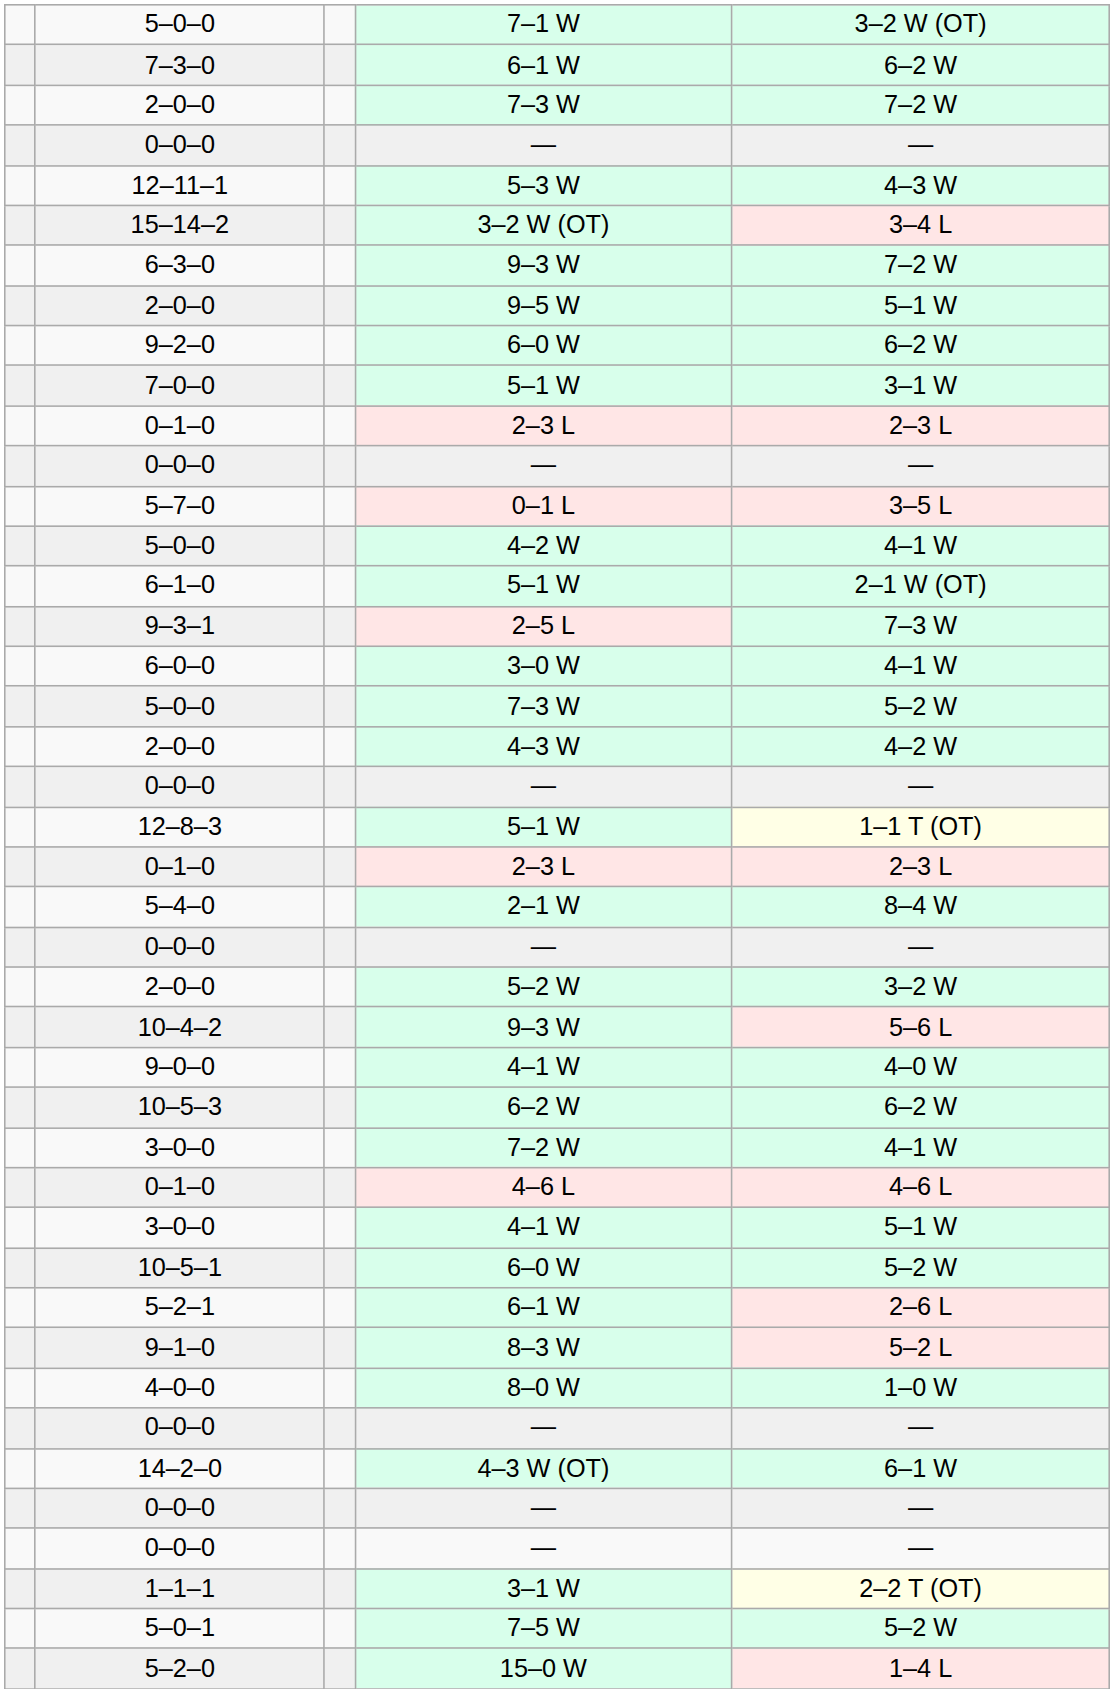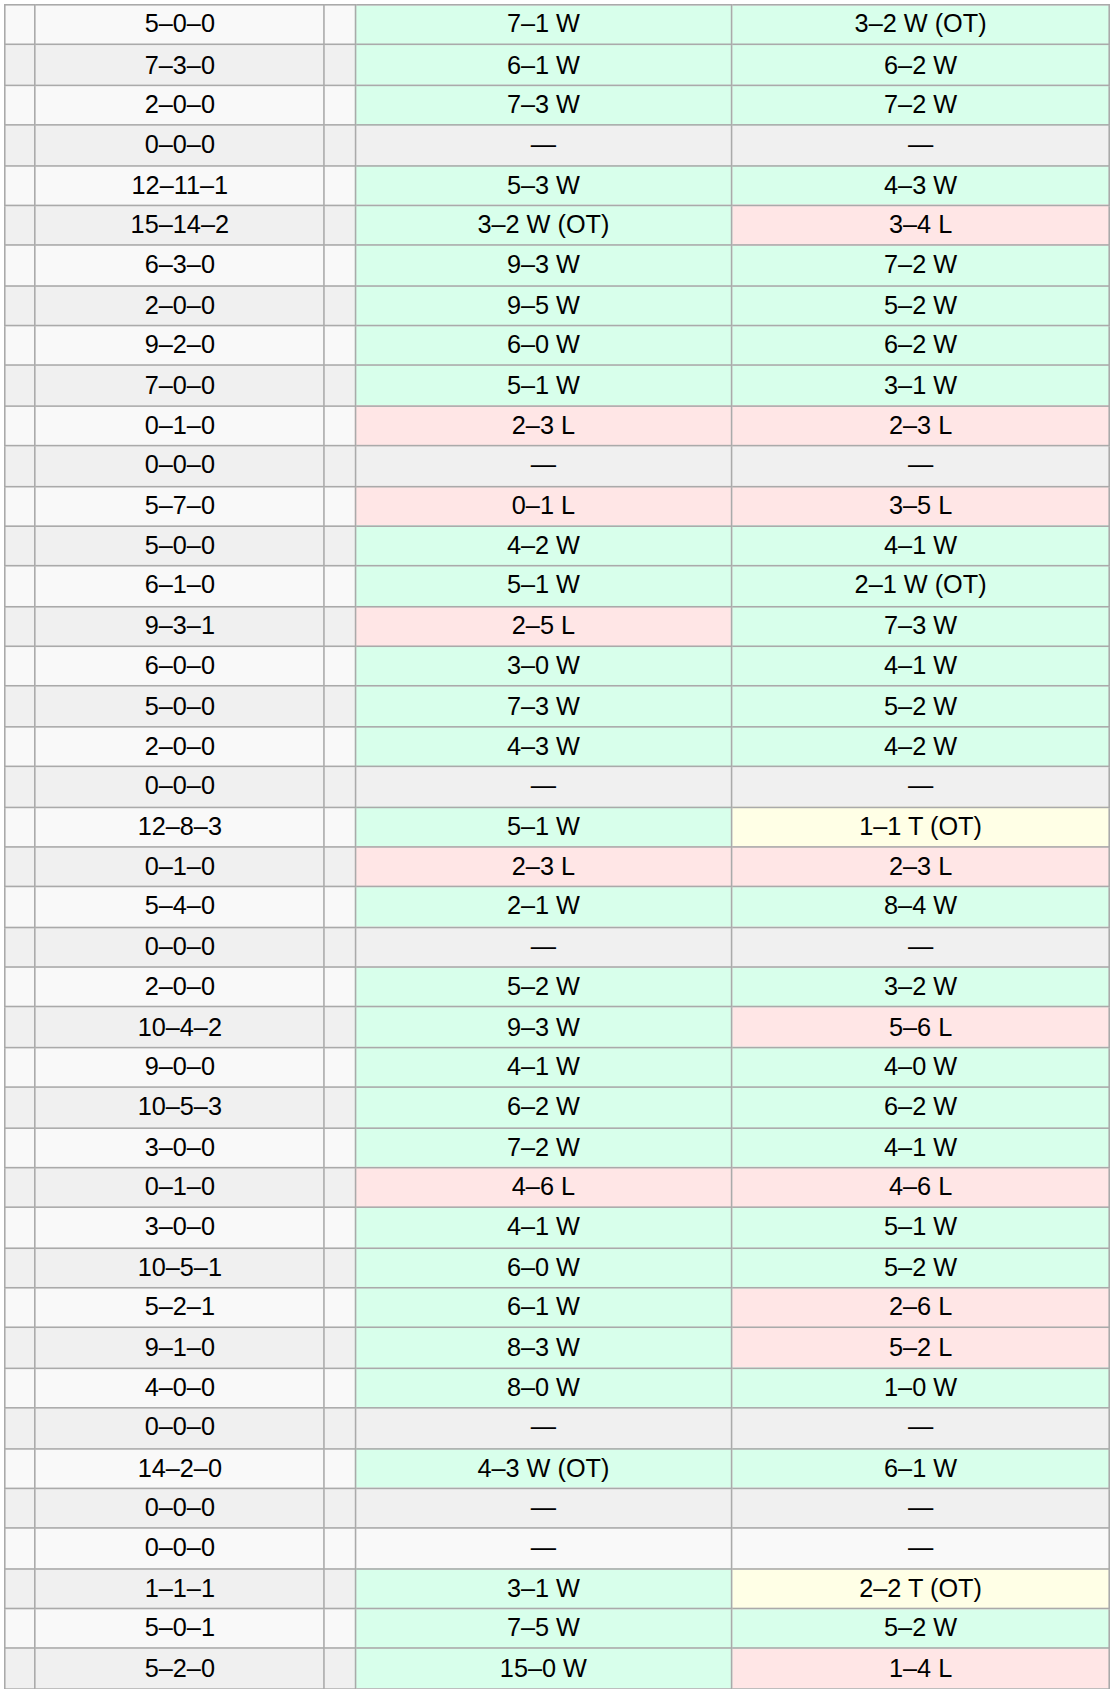 <table class="wikitable" width=700>
 <tr align="center">
 <td><strong><a href='#'></a></strong></td>
 <td>5–0–0</td>
 <td></td>
 <td bgcolor=D8FFEB>7–1 W</td>
 <td bgcolor=D8FFEB>3–2 W (OT)</td>
 </tr>
 <tr align="center" bgcolor="#f0f0f0">
 <td><strong><a href='#'></a></strong></td>
 <td>7–3–0</td>
 <td></td>
 <td bgcolor=D8FFEB>6–1 W</td>
 <td bgcolor=D8FFEB>6–2 W</td>
 </tr>
 <tr align="center">
 <td><strong><a href='#'></a></strong></td>
 <td>2–0–0</td>
 <td></td>
 <td bgcolor=D8FFEB>7–3 W</td>
 <td bgcolor=D8FFEB>7–2 W</td>
 </tr>
 <tr align="center" bgcolor="#f0f0f0">
 <td><strong><a href='#'></a></strong></td>
 <td>0–0–0</td>
 <td></td>
 <td>—</td>
 <td>—</td>
 </tr>
 <tr align="center">
 <td><strong><a href='#'></a></strong></td>
 <td>12–11–1</td>
 <td></td>
 <td bgcolor=D8FFEB>5–3 W</td>
 <td bgcolor=D8FFEB>4–3 W</td>
 </tr>
 <tr align="center" bgcolor="#f0f0f0">
 <td><strong><a href='#'></a></strong></td>
 <td>15–14–2</td>
 <td></td>
 <td bgcolor=D8FFEB>3–2 W (OT)</td>
 <td bgcolor=FFE6E6>3–4 L</td>
 </tr>
 <tr align="center">
 <td><strong><a href='#'></a></strong></td>
 <td>6–3–0</td>
 <td></td>
 <td bgcolor=D8FFEB>9–3 W</td>
 <td bgcolor=D8FFEB>7–2 W</td>
 </tr>
 <tr align="center" bgcolor="#f0f0f0">
 <td><strong><a href='#'></a></strong></td>
 <td>2–0–0</td>
 <td></td>
 <td bgcolor=D8FFEB>9–5 W</td>
-<td bgcolor=D8FFEB>5–1 W</td>
+<td bgcolor=D8FFEB>5–2 W</td>
 </tr>
 <tr align="center">
 <td><strong><a href='#'></a></strong></td>
 <td>9–2–0</td>
 <td></td>
 <td bgcolor=D8FFEB>6–0 W</td>
 <td bgcolor=D8FFEB>6–2 W</td>
 </tr>
 <tr align="center" bgcolor="#f0f0f0">
 <td><strong><a href='#'></a></strong></td>
 <td>7–0–0</td>
 <td></td>
 <td bgcolor=D8FFEB>5–1 W</td>
 <td bgcolor=D8FFEB>3–1 W</td>
 </tr>
 <tr align="center">
 <td><strong><a href='#'></a></strong></td>
 <td>0–1–0</td>
 <td></td>
 <td bgcolor=FFE6E6>2–3 L</td>
 <td bgcolor=FFE6E6>2–3 L</td>
 </tr>
 <tr align="center" bgcolor="#f0f0f0">
 <td><strong><a href='#'></a></strong></td>
 <td>0–0–0</td>
 <td></td>
 <td>—</td>
 <td>—</td>
 </tr>
 <tr align="center">
 <td><strong><a href='#'></a></strong></td>
 <td>5–7–0</td>
 <td></td>
 <td bgcolor=FFE6E6>0–1 L</td>
 <td bgcolor=FFE6E6>3–5 L</td>
 </tr>
 <tr align="center" bgcolor="#f0f0f0">
 <td><strong><a href='#'></a></strong></td>
 <td>5–0–0</td>
 <td></td>
 <td bgcolor=D8FFEB>4–2 W</td>
 <td bgcolor=D8FFEB>4–1 W</td>
 </tr>
 <tr align="center">
 <td><strong><a href='#'></a></strong></td>
 <td>6–1–0</td>
 <td></td>
 <td bgcolor=D8FFEB>5–1 W</td>
 <td bgcolor=D8FFEB>2–1 W (OT)</td>
 </tr>
 <tr align="center" bgcolor="#f0f0f0">
 <td><strong><a href='#'></a></strong></td>
 <td>9–3–1</td>
 <td></td>
 <td bgcolor=FFE6E6>2–5 L</td>
 <td bgcolor=D8FFEB>7–3 W</td>
 </tr>
 <tr align="center">
 <td><strong><a href='#'></a></strong></td>
 <td>6–0–0</td>
 <td></td>
 <td bgcolor=D8FFEB>3–0 W</td>
 <td bgcolor=D8FFEB>4–1 W</td>
 </tr>
 <tr align="center" bgcolor="#f0f0f0">
 <td><strong><a href='#'></a></strong></td>
 <td>5–0–0</td>
 <td></td>
 <td bgcolor=D8FFEB>7–3 W</td>
 <td bgcolor=D8FFEB>5–2 W</td>
 </tr>
 <tr align="center">
 <td><strong><a href='#'></a></strong></td>
 <td>2–0–0</td>
 <td></td>
 <td bgcolor=D8FFEB>4–3 W</td>
 <td bgcolor=D8FFEB>4–2 W</td>
 </tr>
 <tr align="center" bgcolor="#f0f0f0">
 <td><strong><a href='#'></a></strong></td>
 <td>0–0–0</td>
 <td></td>
 <td>—</td>
 <td>—</td>
 </tr>
 <tr align="center">
 <td><strong><a href='#'></a></strong></td>
 <td>12–8–3</td>
 <td></td>
 <td bgcolor=D8FFEB>5–1 W</td>
 <td bgcolor=FFFFE6>1–1 T (OT)</td>
 </tr>
 <tr align="center" bgcolor="#f0f0f0">
 <td><strong><a href='#'></a></strong></td>
 <td>0–1–0</td>
 <td></td>
 <td bgcolor=FFE6E6>2–3 L</td>
 <td bgcolor=FFE6E6>2–3 L</td>
 </tr>
 <tr align="center">
 <td><strong><a href='#'></a></strong></td>
 <td>5–4–0</td>
 <td></td>
 <td bgcolor=D8FFEB>2–1 W</td>
 <td bgcolor=D8FFEB>8–4 W</td>
 </tr>
 <tr align="center" bgcolor="#f0f0f0">
 <td><strong><a href='#'></a></strong></td>
 <td>0–0–0</td>
 <td></td>
 <td>—</td>
 <td>—</td>
 </tr>
 <tr align="center">
 <td><strong><a href='#'></a></strong></td>
 <td>2–0–0</td>
 <td></td>
 <td bgcolor=D8FFEB>5–2 W</td>
 <td bgcolor=D8FFEB>3–2 W</td>
 </tr>
 <tr align="center" bgcolor="#f0f0f0">
 <td><strong><a href='#'></a></strong></td>
 <td>10–4–2</td>
 <td></td>
 <td bgcolor=D8FFEB>9–3 W</td>
 <td bgcolor=FFE6E6>5–6 L</td>
 </tr>
 <tr align="center">
 <td><strong><a href='#'></a></strong></td>
 <td>9–0–0</td>
 <td></td>
 <td bgcolor=D8FFEB>4–1 W</td>
 <td bgcolor=D8FFEB>4–0 W</td>
 </tr>
 <tr align="center" bgcolor="#f0f0f0">
 <td><strong><a href='#'></a></strong></td>
 <td>10–5–3</td>
 <td></td>
 <td bgcolor=D8FFEB>6–2 W</td>
 <td bgcolor=D8FFEB>6–2 W</td>
 </tr>
 <tr align="center">
 <td><strong><a href='#'></a></strong></td>
 <td>3–0–0</td>
 <td></td>
 <td bgcolor=D8FFEB>7–2 W</td>
 <td bgcolor=D8FFEB>4–1 W</td>
 </tr>
 <tr align="center" bgcolor="#f0f0f0">
 <td><strong><a href='#'></a></strong></td>
 <td>0–1–0</td>
 <td></td>
 <td bgcolor=FFE6E6>4–6 L</td>
 <td bgcolor=FFE6E6>4–6 L</td>
 </tr>
 <tr align="center">
 <td><strong><a href='#'></a></strong></td>
 <td>3–0–0</td>
 <td></td>
 <td bgcolor=D8FFEB>4–1 W</td>
 <td bgcolor=D8FFEB>5–1 W</td>
 </tr>
 <tr align="center" bgcolor="#f0f0f0">
 <td><strong><a href='#'></a></strong></td>
 <td>10–5–1</td>
 <td></td>
 <td bgcolor=D8FFEB>6–0 W</td>
 <td bgcolor=D8FFEB>5–2 W</td>
 </tr>
 <tr align="center">
 <td><strong><a href='#'></a></strong></td>
 <td>5–2–1</td>
 <td></td>
 <td bgcolor=D8FFEB>6–1 W</td>
 <td bgcolor=FFE6E6>2–6 L</td>
 </tr>
 <tr align="center" bgcolor="#f0f0f0">
 <td><strong><a href='#'></a></strong></td>
 <td>9–1–0</td>
 <td></td>
 <td bgcolor=D8FFEB>8–3 W</td>
 <td bgcolor=FFE6E6>5–2 L</td>
 </tr>
 <tr align="center">
 <td><strong><a href='#'></a></strong></td>
 <td>4–0–0</td>
 <td></td>
 <td bgcolor=D8FFEB>8–0 W</td>
 <td bgcolor=D8FFEB>1–0 W</td>
 </tr>
 <tr align="center" bgcolor="#f0f0f0">
 <td><strong><a href='#'></a></strong></td>
 <td>0–0–0</td>
 <td></td>
 <td>—</td>
 <td>—</td>
 </tr>
 <tr align="center">
 <td><strong><a href='#'></a></strong></td>
 <td>14–2–0</td>
 <td></td>
 <td bgcolor=D8FFEB>4–3 W (OT)</td>
 <td bgcolor=D8FFEB>6–1 W</td>
 </tr>
 <tr align="center" bgcolor="#f0f0f0">
 <td><strong><a href='#'></a></strong></td>
 <td>0–0–0</td>
 <td></td>
 <td>—</td>
 <td>—</td>
 </tr>
 <tr align="center">
 <td><strong><a href='#'></a></strong></td>
 <td>0–0–0</td>
 <td></td>
 <td>—</td>
 <td>—</td>
 </tr>
 <tr align="center" bgcolor="#f0f0f0">
 <td><strong><a href='#'></a></strong></td>
 <td>1–1–1</td>
 <td></td>
 <td bgcolor=D8FFEB>3–1 W</td>
 <td bgcolor=FFFFE6>2–2 T (OT)</td>
 </tr>
 <tr align="center">
 <td><strong><a href='#'></a></strong></td>
 <td>5–0–1</td>
 <td></td>
 <td bgcolor=D8FFEB>7–5 W</td>
 <td bgcolor=D8FFEB>5–2 W</td>
 </tr>
 <tr align="center" bgcolor="#f0f0f0">
 <td><strong><a href='#'></a></strong></td>
 <td>5–2–0</td>
 <td></td>
 <td bgcolor=D8FFEB>15–0 W</td>
 <td bgcolor=FFE6E6>1–4 L</td>
 </tr>
 </table>
